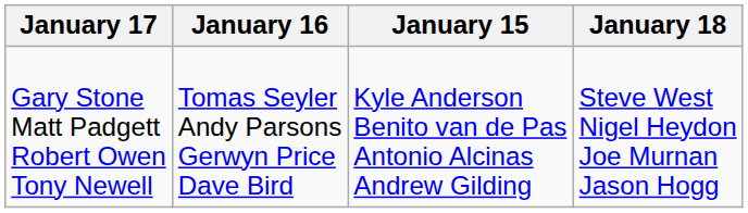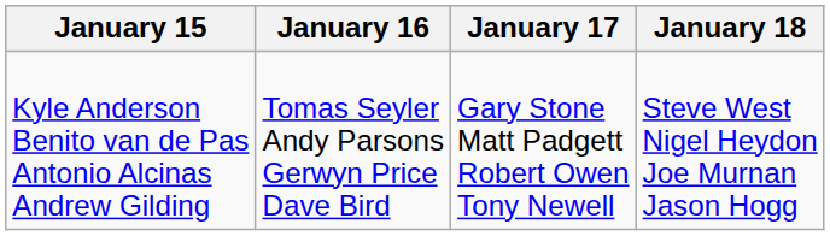 <table class="wikitable">
 <tr>
+<th>January 15</th>
+<th>January 16</th>
 <th>January 17</th>
-<th>January 16</th>
-<th>January 15</th>
 <th>January 18</th>
 </tr>
 <tr>
+<td><br> <a href='#'>Kyle Anderson</a> <br>  <a href='#'>Benito van de Pas</a> <br>  <a href='#'>Antonio Alcinas</a> <br>  <a href='#'>Andrew Gilding</a> <br></td>
+<td><br> <a href='#'>Tomas Seyler</a> <br>  Andy Parsons <br>  <a href='#'>Gerwyn Price</a> <br>  <a href='#'>Dave Bird</a> <br></td>
 <td><br> <a href='#'>Gary Stone</a> <br>  Matt Padgett <br>  <a href='#'>Robert Owen</a><br>  <a href='#'>Tony Newell</a><br></td>
-<td><br> <a href='#'>Tomas Seyler</a> <br>  Andy Parsons <br>  <a href='#'>Gerwyn Price</a> <br>  <a href='#'>Dave Bird</a> <br></td>
-<td><br> <a href='#'>Kyle Anderson</a> <br>  <a href='#'>Benito van de Pas</a> <br>  <a href='#'>Antonio Alcinas</a> <br>  <a href='#'>Andrew Gilding</a> <br></td>
 <td><br> <a href='#'>Steve West</a> <br>  <a href='#'>Nigel Heydon</a> <br>  <a href='#'>Joe Murnan</a> <br>  <a href='#'>Jason Hogg</a> <br></td>
 </tr>
 </table>
